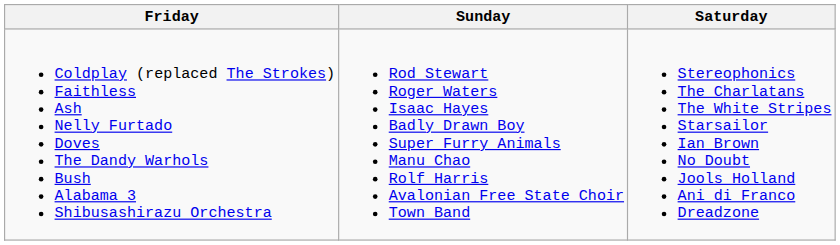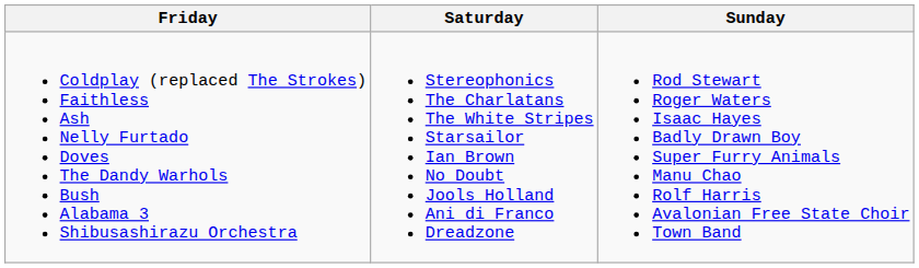 <table class="wikitable">
 <tr>
 <th>Friday</th>
+<th>Saturday</th>
 <th>Sunday</th>
-<th>Saturday</th>
 </tr>
 <tr valign="top">
 <td><br><ul><li><a href='#'>Coldplay</a> (replaced <a href='#'>The Strokes</a>)</li><li><a href='#'>Faithless</a></li><li><a href='#'>Ash</a></li><li><a href='#'>Nelly Furtado</a></li><li><a href='#'>Doves</a></li><li><a href='#'>The Dandy Warhols</a></li><li><a href='#'>Bush</a></li><li><a href='#'>Alabama 3</a></li><li><a href='#'>Shibusashirazu Orchestra</a></li></ul></td>
+<td><br><ul><li><a href='#'>Stereophonics</a></li><li><a href='#'>The Charlatans</a></li><li><a href='#'>The White Stripes</a></li><li><a href='#'>Starsailor</a></li><li><a href='#'>Ian Brown</a></li><li><a href='#'>No Doubt</a></li><li><a href='#'>Jools Holland</a></li><li><a href='#'>Ani di Franco</a></li><li><a href='#'>Dreadzone</a></li></ul></td>
 <td><br><ul><li><a href='#'>Rod Stewart</a></li><li><a href='#'>Roger Waters</a></li><li><a href='#'>Isaac Hayes</a></li><li><a href='#'>Badly Drawn Boy</a></li><li><a href='#'>Super Furry Animals</a></li><li><a href='#'>Manu Chao</a></li><li><a href='#'>Rolf Harris</a></li><li><a href='#'>Avalonian Free State Choir</a></li><li><a href='#'>Town Band</a></li></ul></td>
-<td><br><ul><li><a href='#'>Stereophonics</a></li><li><a href='#'>The Charlatans</a></li><li><a href='#'>The White Stripes</a></li><li><a href='#'>Starsailor</a></li><li><a href='#'>Ian Brown</a></li><li><a href='#'>No Doubt</a></li><li><a href='#'>Jools Holland</a></li><li><a href='#'>Ani di Franco</a></li><li><a href='#'>Dreadzone</a></li></ul></td>
 </tr>
 </table>
